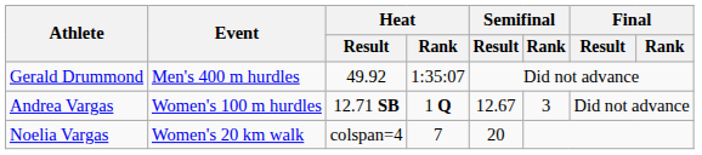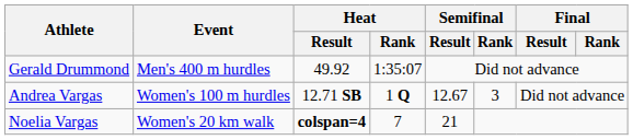 <table class="wikitable" style="font-size:90%">
 <tr>
 <th rowspan="2">Athlete</th>
 <th rowspan="2">Event</th>
 <th colspan="2">Heat</th>
 <th colspan="2">Semifinal</th>
 <th colspan="2">Final</th>
 </tr>
 <tr style="font-size:95%">
 <th>Result</th>
 <th>Rank</th>
 <th>Result</th>
 <th>Rank</th>
 <th>Result</th>
 <th>Rank</th>
 </tr>
 <tr align=center>
 <td align=left><a href='#'>Gerald Drummond</a></td>
 <td align=left><a href='#'>Men's 400 m hurdles</a></td>
 <td>49.92</td>
 <td>1:35:07</td>
 <td colspan="4">Did not advance</td>
 </tr>
 <tr align=center>
 <td align=left><a href='#'>Andrea Vargas</a></td>
 <td align=left><a href='#'>Women's 100 m hurdles</a></td>
 <td>12.71 <strong>SB</strong></td>
 <td>1 <strong>Q</strong></td>
 <td>12.67</td>
 <td>3</td>
 <td colspan="2">Did not advance</td>
 </tr>
 <tr align=center>
 <td align=left><a href='#'>Noelia Vargas</a></td>
 <td align=left><a href='#'>Women's 20 km walk</a></td>
-<td>colspan=4 </td>
+<td><strong>colspan=4 </strong></td>
 <td>7</td>
-<td>20</td>
+<td>21</td>
 </tr>
 </table>
